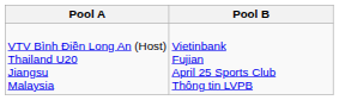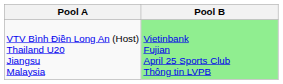 <table class="wikitable">
 <tr>
 <th width=50%>Pool A</th>
 <th width=50%>Pool B</th>
 </tr>
 <tr>
 <td><br> <a href='#'>VTV Bình Điền Long An</a> (Host)<br>  <a href='#'>Thailand U20</a> <br>  <a href='#'>Jiangsu</a>  <br>  <a href='#'>Malaysia</a><br></td>
-<td><br> <a href='#'>Vietinbank</a> <br>  <a href='#'>Fujian</a> <br>  <a href='#'>April 25 Sports Club</a> <br>  <a href='#'>Thông tin LVPB</a>  <br></td>
+<td style="background: lightgreen;"><br> <a href='#'>Vietinbank</a> <br>  <a href='#'>Fujian</a> <br>  <a href='#'>April 25 Sports Club</a> <br>  <a href='#'>Thông tin LVPB</a>  <br></td>
 </tr>
 </table>
